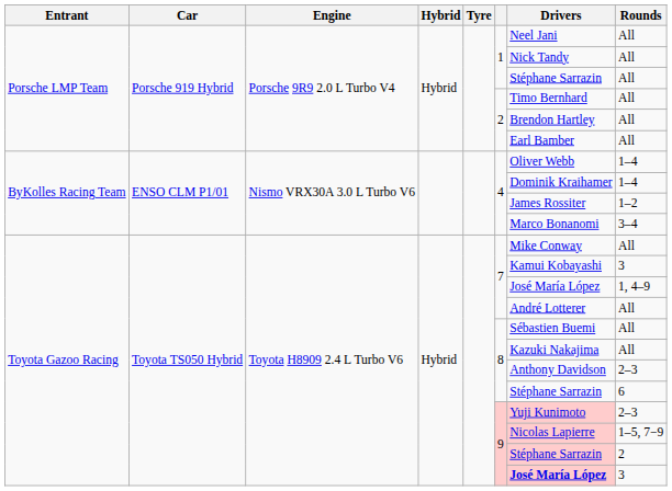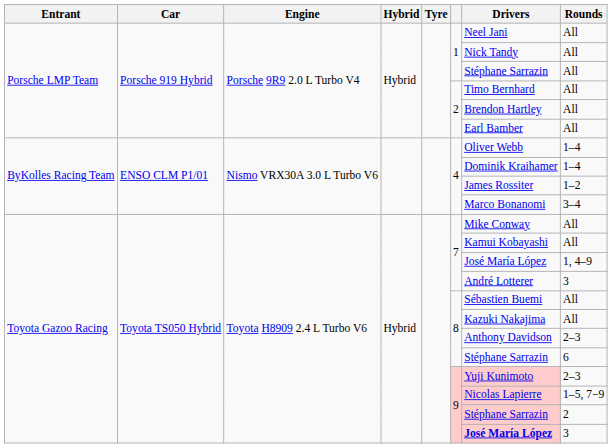 <table class="wikitable" style="font-size: 85%">
 <tr>
 <th>Entrant</th>
 <th>Car</th>
 <th>Engine</th>
 <th>Hybrid</th>
 <th>Tyre</th>
 <th></th>
 <th>Drivers</th>
 <th>Rounds</th>
 </tr>
 <tr>
 <td rowspan=6> <a href='#'>Porsche LMP Team</a></td>
 <td rowspan=6><a href='#'>Porsche 919 Hybrid</a></td>
 <td rowspan=6><a href='#'>Porsche</a> <a href='#'>9R9</a> 2.0 L Turbo V4</td>
 <td rowspan=6>Hybrid</td>
 <td rowspan=6></td>
 <td rowspan=3>1</td>
 <td> <a href='#'>Neel Jani</a></td>
 <td>All</td>
 </tr>
 <tr>
 <td> <a href='#'>Nick Tandy</a></td>
 <td>All</td>
 </tr>
 <tr>
 <td> <a href='#'>Stéphane Sarrazin</a></td>
 <td>All</td>
 </tr>
 <tr>
 <td rowspan=3>2</td>
 <td> <a href='#'>Timo Bernhard</a></td>
 <td>All</td>
 </tr>
 <tr>
 <td> <a href='#'>Brendon Hartley</a></td>
 <td>All</td>
 </tr>
 <tr>
 <td> <a href='#'>Earl Bamber</a></td>
 <td>All</td>
 </tr>
 <tr>
 <td rowspan=4> <a href='#'>ByKolles Racing Team</a></td>
 <td rowspan=4><a href='#'>ENSO CLM P1/01</a></td>
 <td rowspan=4><a href='#'>Nismo</a> VRX30A 3.0 L Turbo V6</td>
 <td rowspan=4></td>
 <td rowspan=4></td>
 <td rowspan=4>4</td>
 <td> <a href='#'>Oliver Webb</a></td>
 <td>1–4</td>
 </tr>
 <tr>
 <td> <a href='#'>Dominik Kraihamer</a></td>
 <td>1–4</td>
 </tr>
 <tr>
 <td> <a href='#'>James Rossiter</a></td>
 <td>1–2</td>
 </tr>
 <tr>
 <td> <a href='#'>Marco Bonanomi</a></td>
 <td>3–4</td>
 </tr>
 <tr>
 <td rowspan=12> <a href='#'>Toyota Gazoo Racing</a></td>
 <td rowspan=12><a href='#'>Toyota TS050 Hybrid</a></td>
 <td rowspan=12><a href='#'>Toyota</a> <a href='#'>H8909</a> 2.4 L Turbo V6</td>
 <td rowspan=12>Hybrid</td>
 <td rowspan=12></td>
 <td rowspan=4>7</td>
 <td> <a href='#'>Mike Conway</a></td>
 <td>All</td>
 </tr>
 <tr>
 <td> <a href='#'>Kamui Kobayashi</a></td>
-<td>3</td>
+<td>All</td>
 </tr>
 <tr>
 <td> <a href='#'>José María López</a></td>
 <td>1, 4–9</td>
 </tr>
 <tr>
 <td> <a href='#'>André Lotterer</a></td>
-<td>All</td>
+<td>3</td>
 </tr>
 <tr>
 <td rowspan=4>8</td>
 <td> <a href='#'>Sébastien Buemi</a></td>
 <td>All</td>
 </tr>
 <tr>
 <td> <a href='#'>Kazuki Nakajima</a></td>
 <td>All</td>
 </tr>
 <tr>
 <td> <a href='#'>Anthony Davidson</a></td>
 <td>2–3</td>
 </tr>
 <tr>
 <td> <a href='#'>Stéphane Sarrazin</a></td>
 <td>6</td>
 </tr>
 <tr>
 <td style="background-color: #ffcccc" rowspan=4>9</td>
 <td style="background-color: #ffcccc"> <a href='#'>Yuji Kunimoto</a></td>
 <td>2–3</td>
 </tr>
 <tr>
 <td style="background-color: #ffcccc"> <a href='#'>Nicolas Lapierre</a></td>
 <td>1–5, 7−9</td>
 </tr>
 <tr>
 <td style="background-color: #ffcccc"> <a href='#'>Stéphane Sarrazin</a></td>
 <td>2</td>
 </tr>
 <tr>
 <td style="background-color: #ffcccc"><strong> <a href='#'>José María López</a></strong></td>
 <td>3</td>
 </tr>
 </table>
